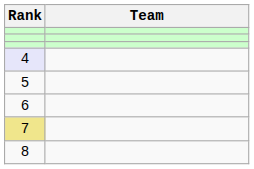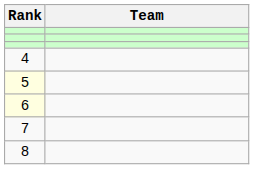 <table class=wikitable style="text-align:center;">
 <tr>
 <th>Rank</th>
 <th width=180>Team</th>
 </tr>
 <tr bgcolor=ccffcc>
 <td></td>
 <td align=left></td>
 </tr>
 <tr bgcolor=ccffcc>
 <td></td>
 <td align=left></td>
 </tr>
 <tr bgcolor=ccffcc>
 <td></td>
 <td align=left></td>
 </tr>
 <tr>
-<td style="background: lavender;">4</td>
+<td>4</td>
 <td align=left></td>
 </tr>
 <tr>
-<td>5</td>
+<td style="background: lightyellow;">5</td>
 <td align=left></td>
 </tr>
 <tr>
-<td>6</td>
+<td style="background: lightyellow;">6</td>
 <td align=left></td>
 </tr>
 <tr>
-<td style="background: khaki;">7</td>
+<td>7</td>
 <td align=left></td>
 </tr>
 <tr>
 <td>8</td>
 <td align=left></td>
 </tr>
 </table>
